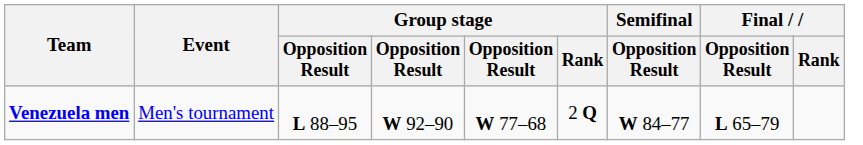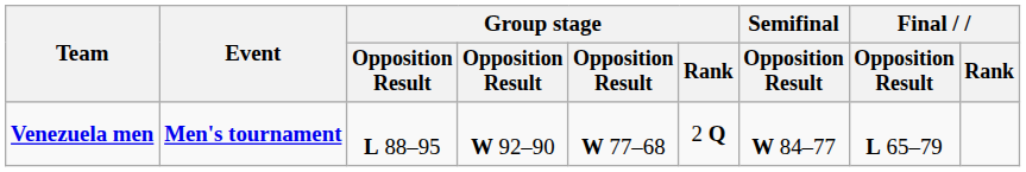 <table class=wikitable style=font-size:90%;text-align:center>
 <tr>
 <th rowspan=2>Team</th>
 <th rowspan=2>Event</th>
 <th colspan=4>Group stage</th>
 <th>Semifinal</th>
 <th colspan=2>Final /  / </th>
 </tr>
 <tr style=font-size:95%>
 <th>Opposition<br>Result</th>
 <th>Opposition<br>Result</th>
 <th>Opposition<br>Result</th>
 <th>Rank</th>
 <th>Opposition<br>Result</th>
 <th>Opposition<br>Result</th>
 <th>Rank</th>
 </tr>
 <tr>
 <td align=left><strong><a href='#'>Venezuela men</a></strong></td>
-<td align=left><a href='#'>Men's tournament</a></td>
+<td align=left><strong><a href='#'>Men's tournament</a></strong></td>
 <td><br><strong>L</strong> 88–95</td>
 <td><br><strong>W</strong> 92–90</td>
 <td><br><strong>W</strong> 77–68</td>
 <td>2 <strong>Q</strong></td>
 <td><br><strong>W</strong> 84–77</td>
 <td><br><strong>L</strong> 65–79</td>
 <td></td>
 </tr>
 </table>
